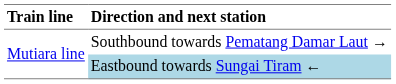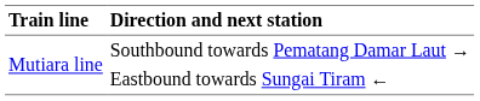 <table border="0" cellspacing="0" cellpadding="3">
 <tr>
 <td style="border-top:solid 1px gray;border-bottom:solid 1px gray;"><strong>Train line</strong></td>
 <td style="border-top:solid 1px gray;border-bottom:solid 1px gray;"><strong>Direction and next station</strong></td>
 </tr>
 <tr>
 <td rowspan="2" style="border-bottom:solid 1px grey;"> <a href='#'>Mutiara line</a></td>
 <td style="border-bottom:solid 1px white;">Southbound towards <a href='#'>Pematang Damar Laut</a>  →</td>
 </tr>
 <tr>
-<td style="background: lightblue; border-bottom:solid 1px gray;">Eastbound towards <a href='#'>Sungai Tiram</a>  ←</td>
+<td style="border-bottom:solid 1px gray;">Eastbound towards <a href='#'>Sungai Tiram</a>  ←</td>
 </tr>
 </table>
